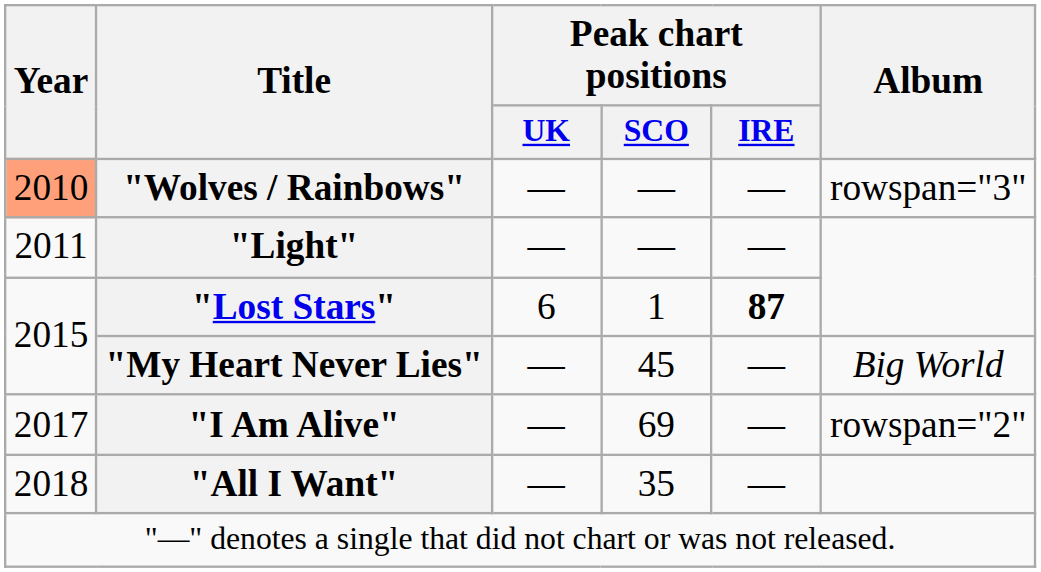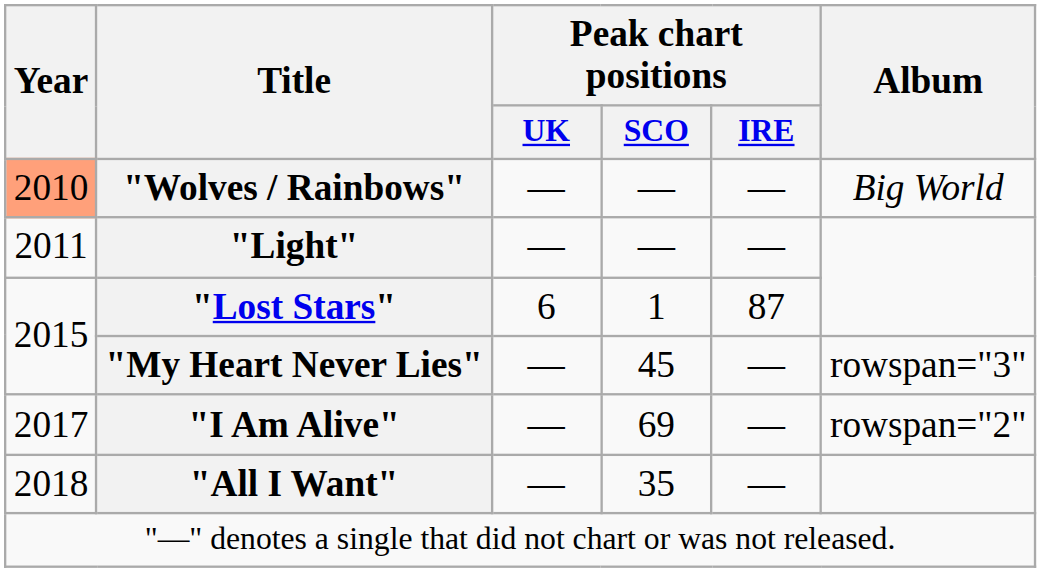 <table class="wikitable plainrowheaders" style="text-align:center;">
 <tr>
 <th scope="col" rowspan="2">Year</th>
 <th scope="col" rowspan="2">Title</th>
 <th scope="col" colspan="3">Peak chart positions</th>
 <th scope="col" rowspan="2">Album</th>
 </tr>
 <tr>
 <th scope="col" style="width:3em;font-size:85%;"><a href='#'>UK</a><br></th>
 <th scope="col" style="width:3em;font-size:85%;"><a href='#'>SCO</a><br></th>
 <th scope="col" style="width:3em;font-size:85%;"><a href='#'>IRE</a><br></th>
 </tr>
 <tr>
 <td style="background: lightsalmon;">2010</td>
 <th scope="row">"Wolves / Rainbows"</th>
 <td>—</td>
 <td>—</td>
 <td>—</td>
-<td>rowspan="3" </td>
+<td><em>Big World</em></td>
 </tr>
 <tr>
 <td>2011</td>
 <th scope="row">"Light"</th>
 <td>—</td>
 <td>—</td>
 <td>—</td>
 </tr>
 <tr>
 <td rowspan="2">2015</td>
 <th scope="row">"<a href='#'>Lost Stars</a>"</th>
 <td>6</td>
 <td>1</td>
-<td><strong>87</strong></td>
+<td>87</td>
 </tr>
 <tr || 90 || —>
 <th scope="row">"My Heart Never Lies"</th>
 <td>—</td>
 <td>45</td>
 <td>—</td>
-<td><em>Big World</em></td>
+<td>rowspan="3" </td>
 </tr>
 <tr>
 <td>2017</td>
 <th scope="row">"I Am Alive"</th>
 <td>—</td>
 <td>69</td>
 <td>—</td>
 <td>rowspan="2" </td>
 </tr>
 <tr>
 <td>2018</td>
 <th scope="row">"All I Want"</th>
 <td>—</td>
 <td>35</td>
 <td>—</td>
 </tr>
 <tr>
 <td style="text-align:center; font-size:85%;" colspan="22">"—" denotes a single that did not chart or was not released.</td>
 </tr>
 </table>
